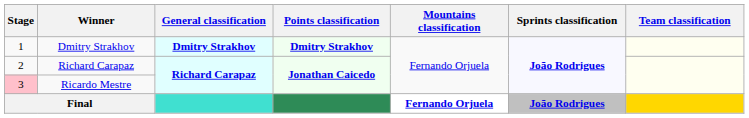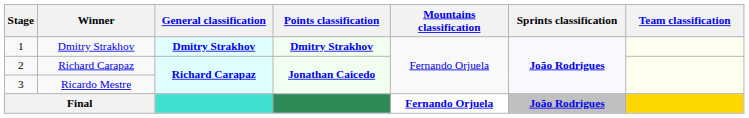 <table class=wikitable style="text-align: center; font-size:smaller;">
 <tr>
 <th scope="col" style="width:1%;">Stage</th>
 <th scope="col" style="width:14%;">Winner</th>
 <th scope="col" style="width:14%;"><a href='#'>General classification</a><br></th>
 <th scope="col" style="width:14%;"><a href='#'>Points classification</a><br></th>
 <th scope="col" style="width:14%;"><a href='#'>Mountains classification</a><br></th>
 <th scope="col" style="width:14%;">Sprints classification<br></th>
 <th scope="col" style="width:14%;"><a href='#'>Team classification</a></th>
 </tr>
 <tr>
 <td>1</td>
 <td><a href='#'>Dmitry Strakhov</a></td>
 <th style="background:LightCyan;"><a href='#'>Dmitry Strakhov</a></th>
 <th style="background:Honeydew;"><a href='#'>Dmitry Strakhov</a></th>
 <td rowspan="3"><a href='#'>Fernando Orjuela</a></td>
 <th style="background:GhostWhite;" rowspan="3"><a href='#'>João Rodrigues</a></th>
 <th style="background:Ivory;"></th>
 </tr>
 <tr>
 <td>2</td>
 <td><a href='#'>Richard Carapaz</a></td>
 <th style="background:LightCyan;" rowspan="2"><a href='#'>Richard Carapaz</a></th>
 <th style="background:Honeydew;" rowspan="2"><a href='#'>Jonathan Caicedo</a></th>
 <th style="background:Ivory;" rowspan="2"></th>
 </tr>
 <tr>
-<td style="background: pink;">3</td>
+<td>3</td>
 <td><a href='#'>Ricardo Mestre</a></td>
 </tr>
 <tr>
 <th colspan="2">Final</th>
 <th style="background:Turquoise;"></th>
 <th style="background:SeaGreen;"></th>
 <th style="background:White;"><a href='#'>Fernando Orjuela</a></th>
 <th style="background:Silver;"><a href='#'>João Rodrigues</a></th>
 <th style="background:Gold;"></th>
 </tr>
 </table>
